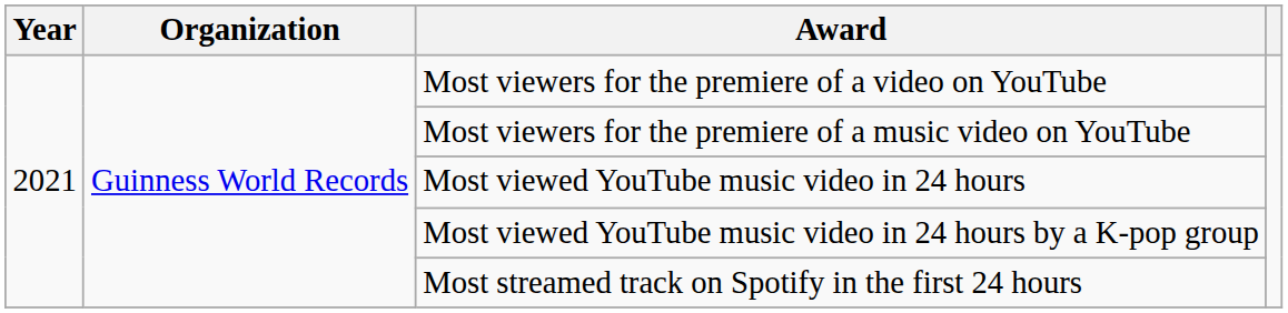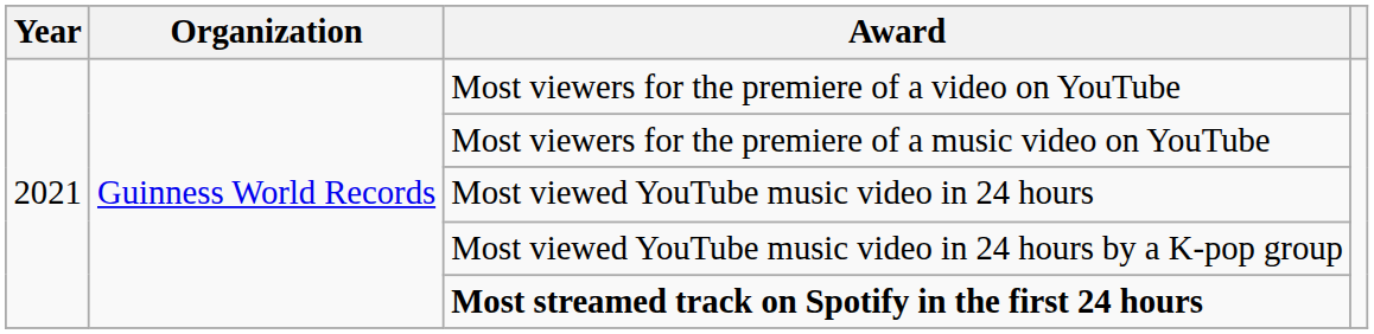 <table class="wikitable">
 <tr>
 <th>Year</th>
 <th>Organization</th>
 <th>Award</th>
 <th class="unsortable"></th>
 </tr>
 <tr>
 <td rowspan="5">2021</td>
 <td rowspan="5"><a href='#'>Guinness World Records</a></td>
 <td>Most viewers for the premiere of a video on YouTube</td>
 <td style="text-align:center;" rowspan="5"></td>
 </tr>
 <tr>
 <td>Most viewers for the premiere of a music video on YouTube</td>
 </tr>
 <tr>
 <td>Most viewed YouTube music video in 24 hours</td>
 </tr>
 <tr>
 <td>Most viewed YouTube music video in 24 hours by a K-pop group</td>
 </tr>
 <tr>
-<td>Most streamed track on Spotify in the first 24 hours</td>
+<td><strong>Most streamed track on Spotify in the first 24 hours</strong></td>
 </tr>
 </table>
